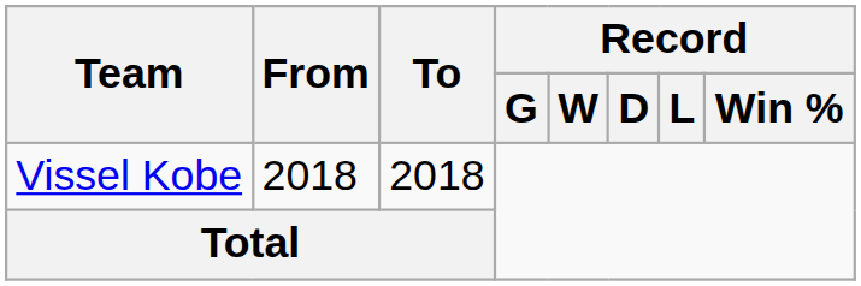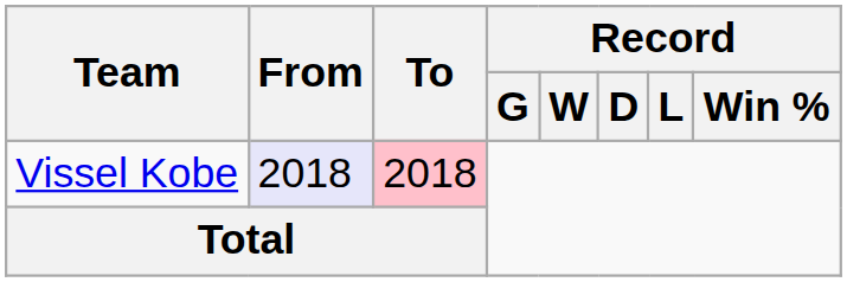 <table class="wikitable" style="text-align: center">
 <tr>
 <th rowspan="2">Team</th>
 <th rowspan="2">From</th>
 <th rowspan="2">To</th>
 <th colspan="5">Record</th>
 </tr>
 <tr>
 <th>G</th>
 <th>W</th>
 <th>D</th>
 <th>L</th>
 <th>Win %</th>
 </tr>
 <tr>
 <td align="left"><a href='#'>Vissel Kobe</a></td>
-<td align="left">2018</td>
-<td align="left">2018<br></td>
+<td align="left" style="background: lavender;">2018</td>
+<td align="left" style="background: pink;">2018<br></td>
 </tr>
 <tr>
 <th colspan="3">Total<br></th>
 </tr>
 </table>
